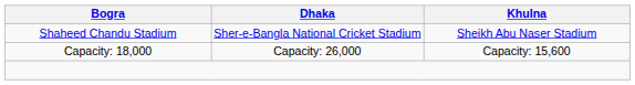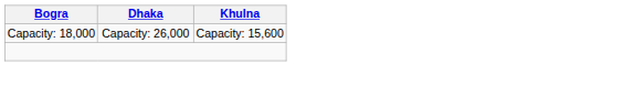 <table class="wikitable" style="text-align:center; display:inline-block; border: 0">
 <tr>
 <th style="width:33%;"><a href='#'>Bogra</a></th>
 <th style="width:34%;"><a href='#'>Dhaka</a></th>
 <th style="width:33%;"><a href='#'>Khulna</a></th>
-</tr>
-<tr>
-<td><a href='#'>Shaheed Chandu Stadium</a></td>
-<td><a href='#'>Sher-e-Bangla National Cricket Stadium</a></td>
-<td><a href='#'>Sheikh Abu Naser Stadium</a></td>
 </tr>
 <tr>
 <td>Capacity: 18,000</td>
 <td>Capacity: 26,000</td>
 <td>Capacity: 15,600</td>
 </tr>
 <tr>
 <td colspan=3><br></td>
 </tr>
 </table>
